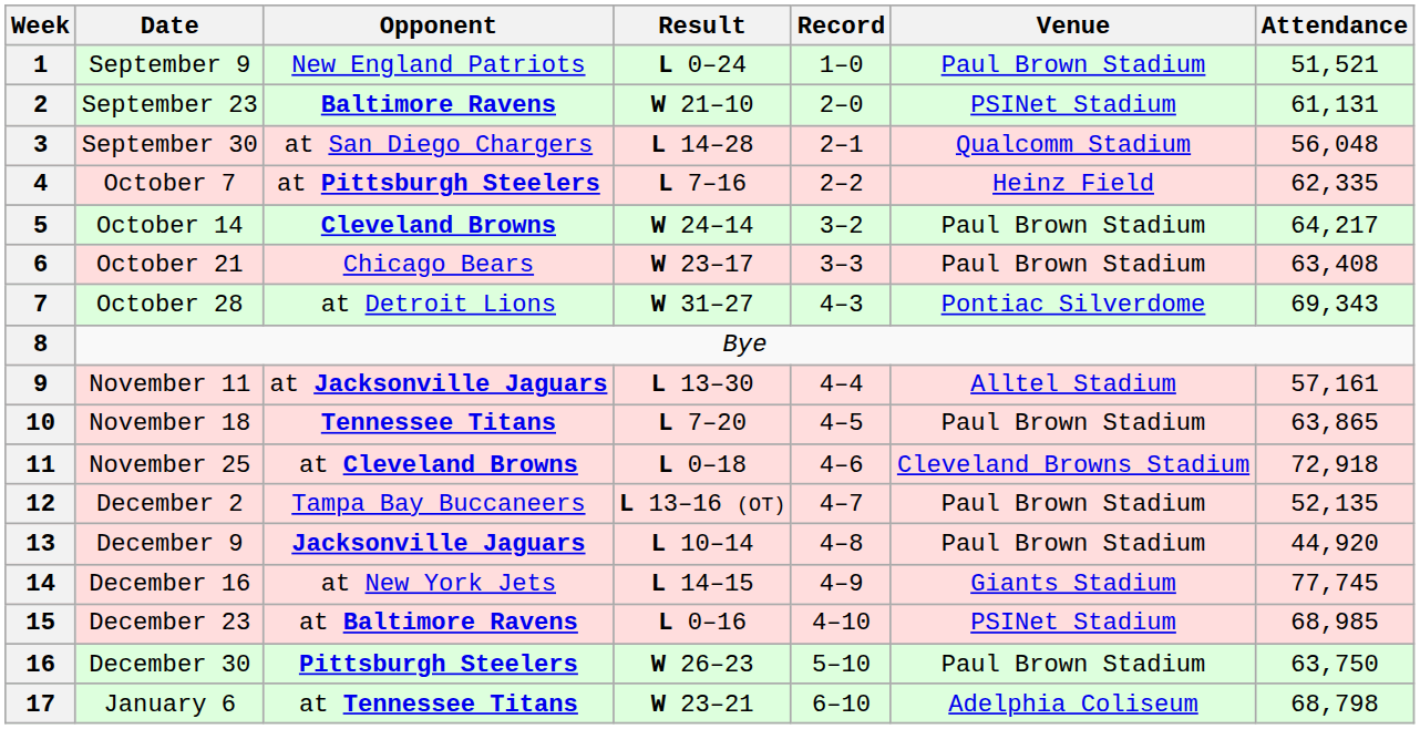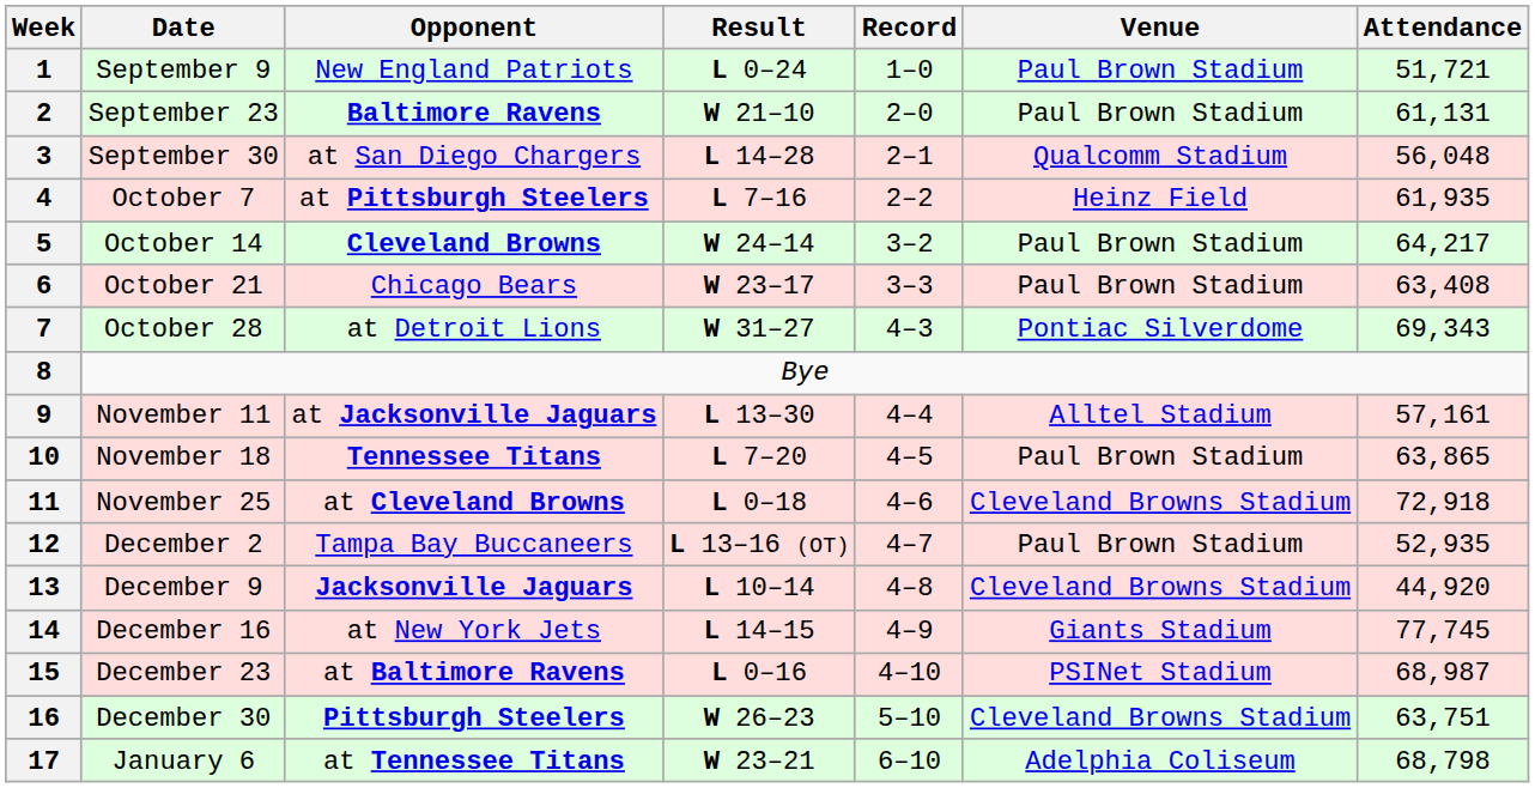 <table class="wikitable" style="text-align:center">
 <tr>
 <th>Week</th>
 <th>Date</th>
 <th>Opponent</th>
 <th>Result</th>
 <th>Record</th>
 <th>Venue</th>
 <th>Attendance</th>
 </tr>
 <tr style="background:#dfd">
 <th>1</th>
 <td>September 9</td>
 <td><a href='#'>New England Patriots</a></td>
 <td><strong>L</strong> 0–24</td>
 <td>1–0</td>
 <td><a href='#'>Paul Brown Stadium</a></td>
-<td>51,521</td>
+<td>51,721</td>
 </tr>
 <tr style="background:#dfd">
 <th>2</th>
 <td>September 23</td>
 <td><strong><a href='#'>Baltimore Ravens</a></strong></td>
 <td><strong>W</strong> 21–10</td>
 <td>2–0</td>
-<td><a href='#'>PSINet Stadium</a></td>
+<td>Paul Brown Stadium</td>
 <td>61,131</td>
 </tr>
 <tr style="background:#fdd">
 <th>3</th>
 <td>September 30</td>
 <td>at <a href='#'>San Diego Chargers</a></td>
 <td><strong>L</strong> 14–28</td>
 <td>2–1</td>
 <td><a href='#'>Qualcomm Stadium</a></td>
 <td>56,048</td>
 </tr>
 <tr style="background:#fdd">
 <th>4</th>
 <td>October 7</td>
 <td>at <strong><a href='#'>Pittsburgh Steelers</a></strong></td>
 <td><strong>L</strong> 7–16</td>
 <td>2–2</td>
 <td><a href='#'>Heinz Field</a></td>
-<td>62,335</td>
+<td>61,935</td>
 </tr>
 <tr style="background:#dfd">
 <th>5</th>
 <td>October 14</td>
 <td><strong><a href='#'>Cleveland Browns</a></strong></td>
 <td><strong>W</strong> 24–14</td>
 <td>3–2</td>
 <td>Paul Brown Stadium</td>
 <td>64,217</td>
 </tr>
 <tr style="background:#fdd">
 <th>6</th>
 <td>October 21</td>
 <td><a href='#'>Chicago Bears</a></td>
 <td><strong>W</strong> 23–17</td>
 <td>3–3</td>
 <td>Paul Brown Stadium</td>
 <td>63,408</td>
 </tr>
 <tr style="background:#dfd">
 <th>7</th>
 <td>October 28</td>
 <td>at <a href='#'>Detroit Lions</a></td>
 <td><strong>W</strong> 31–27</td>
 <td>4–3</td>
 <td><a href='#'>Pontiac Silverdome</a></td>
 <td>69,343</td>
 </tr>
 <tr>
 <th>8</th>
 <td colspan=6 align="center"><em>Bye</em></td>
 </tr>
 <tr style="background:#fdd">
 <th>9</th>
 <td>November 11</td>
 <td>at <strong><a href='#'>Jacksonville Jaguars</a></strong></td>
 <td><strong>L</strong> 13–30</td>
 <td>4–4</td>
 <td><a href='#'>Alltel Stadium</a></td>
 <td>57,161</td>
 </tr>
 <tr style="background:#fdd">
 <th>10</th>
 <td>November 18</td>
 <td><strong><a href='#'>Tennessee Titans</a></strong></td>
 <td><strong>L</strong> 7–20</td>
 <td>4–5</td>
 <td>Paul Brown Stadium</td>
 <td>63,865</td>
 </tr>
 <tr style="background:#fdd">
 <th>11</th>
 <td>November 25</td>
 <td>at <strong><a href='#'>Cleveland Browns</a></strong></td>
 <td><strong>L</strong> 0–18</td>
 <td>4–6</td>
 <td><a href='#'>Cleveland Browns Stadium</a></td>
 <td>72,918</td>
 </tr>
 <tr style="background:#fdd">
 <th>12</th>
 <td>December 2</td>
 <td><a href='#'>Tampa Bay Buccaneers</a></td>
 <td><strong>L</strong> 13–16 <small>(OT)</small></td>
 <td>4–7</td>
 <td>Paul Brown Stadium</td>
-<td>52,135</td>
+<td>52,935</td>
 </tr>
 <tr style="background:#fdd">
 <th>13</th>
 <td>December 9</td>
 <td><strong><a href='#'>Jacksonville Jaguars</a></strong></td>
 <td><strong>L</strong> 10–14</td>
 <td>4–8</td>
-<td>Paul Brown Stadium</td>
+<td><a href='#'>Cleveland Browns Stadium</a></td>
 <td>44,920</td>
 </tr>
 <tr style="background:#fdd">
 <th>14</th>
 <td>December 16</td>
 <td>at <a href='#'>New York Jets</a></td>
 <td><strong>L</strong> 14–15</td>
 <td>4–9</td>
 <td><a href='#'>Giants Stadium</a></td>
 <td>77,745</td>
 </tr>
 <tr style="background:#fdd">
 <th>15</th>
 <td>December 23</td>
 <td>at <strong><a href='#'>Baltimore Ravens</a></strong></td>
 <td><strong>L</strong> 0–16</td>
 <td>4–10</td>
 <td><a href='#'>PSINet Stadium</a></td>
-<td>68,985</td>
+<td>68,987</td>
 </tr>
 <tr style="background:#dfd">
 <th>16</th>
 <td>December 30</td>
 <td><strong><a href='#'>Pittsburgh Steelers</a></strong></td>
 <td><strong>W</strong> 26–23</td>
 <td>5–10</td>
-<td>Paul Brown Stadium</td>
-<td>63,750</td>
+<td><a href='#'>Cleveland Browns Stadium</a></td>
+<td>63,751</td>
 </tr>
 <tr style="background:#dfd">
 <th>17</th>
 <td>January 6</td>
 <td>at <strong><a href='#'>Tennessee Titans</a></strong></td>
 <td><strong>W</strong> 23–21</td>
 <td>6–10</td>
 <td><a href='#'>Adelphia Coliseum</a></td>
 <td>68,798</td>
 </tr>
 </table>
